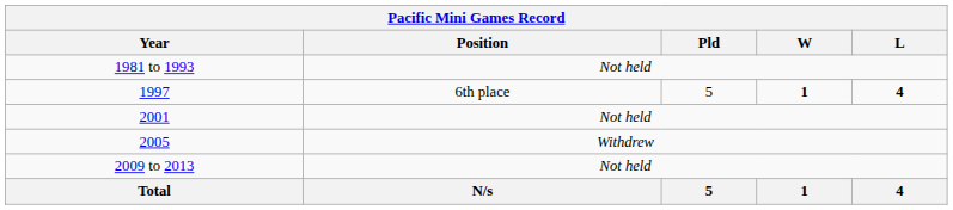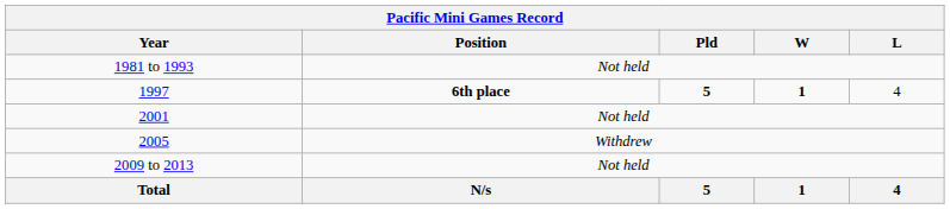 <table class="wikitable collapsible autocollapse" style="text-align: center; font-size:95%;" width=60%>
 <tr>
 <th colspan=9><a href='#'>Pacific Mini Games Record</a></th>
 </tr>
 <tr>
 <th width=25%>Year</th>
 <th width=30%>Position</th>
 <th width=8%>Pld</th>
 <th width=8%>W</th>
 <th width=8%>L</th>
 </tr>
 <tr>
 <td><a href='#'>1981</a> to <a href='#'>1993</a></td>
 <td colspan=4><em>Not held</em></td>
 </tr>
 <tr>
 <td> <a href='#'>1997</a></td>
-<td>6th place</td>
-<td>5</td>
+<td><strong>6th place</strong></td>
+<td><strong>5</strong></td>
 <td><strong>1</strong></td>
-<td><strong>4</strong></td>
+<td>4</td>
 </tr>
 <tr>
 <td><a href='#'>2001</a></td>
 <td colspan=4><em>Not held</em></td>
 </tr>
 <tr>
 <td> <a href='#'>2005</a></td>
 <td colspan=4><em>Withdrew</em></td>
 </tr>
 <tr>
 <td><a href='#'>2009</a> to <a href='#'>2013</a></td>
 <td colspan=4><em>Not held</em></td>
 </tr>
 <tr>
 <th><strong>Total</strong></th>
 <th>N/s</th>
 <th>5</th>
 <th>1</th>
 <th>4</th>
 </tr>
 </table>
